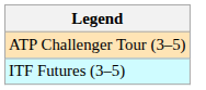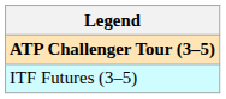 <table class=wikitable style=font-size:90%>
 <tr>
 <th>Legend</th>
 </tr>
 <tr bgcolor=moccasin>
-<td>ATP Challenger Tour (3–5)</td>
+<td><strong>ATP Challenger Tour (3–5)</strong></td>
 </tr>
 <tr bgcolor=CFFCFF>
 <td>ITF Futures (3–5)</td>
 </tr>
 </table>
